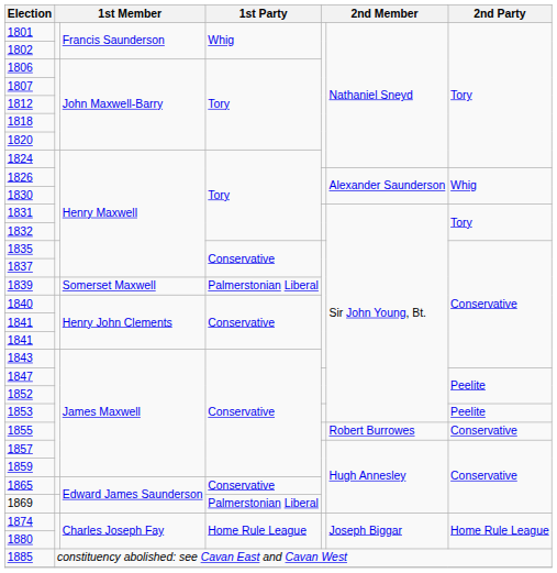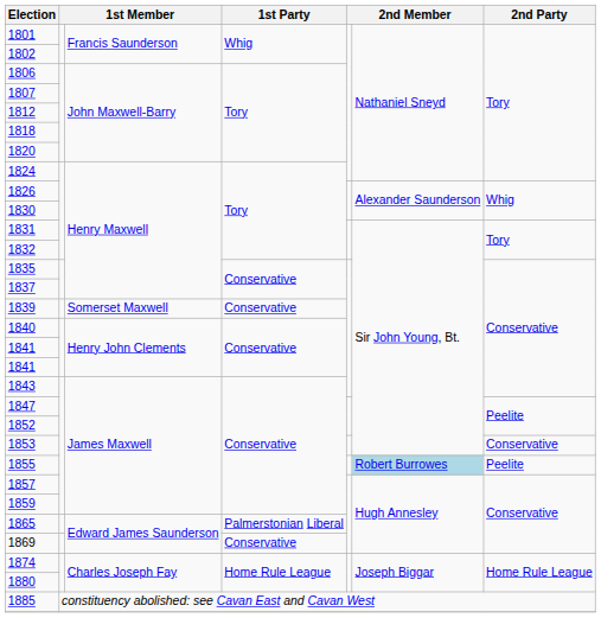 <table class="wikitable">
 <tr>
 <th>Election</th>
 <th colspan="2">1st Member</th>
 <th>1st Party</th>
 <th colspan="2">2nd Member</th>
 <th>2nd Party</th>
 </tr>
 <tr>
 <td><a href='#'>1801</a></td>
 <td rowspan="2" style="color:inherit;background-color: "></td>
 <td rowspan="2"><a href='#'>Francis Saunderson</a></td>
 <td rowspan="2"><a href='#'>Whig</a></td>
 <td rowspan="8" style="color:inherit;background-color: "></td>
 <td rowspan="8"><a href='#'>Nathaniel Sneyd</a></td>
 <td rowspan="8"><a href='#'>Tory</a></td>
 </tr>
 <tr>
 <td><a href='#'>1802</a></td>
 </tr>
 <tr>
 <td><a href='#'>1806</a></td>
 <td rowspan="5" style="color:inherit;background-color: "></td>
 <td rowspan="5"><a href='#'>John Maxwell-Barry</a></td>
 <td rowspan="5"><a href='#'>Tory</a></td>
 </tr>
 <tr>
 <td><a href='#'>1807</a></td>
 </tr>
 <tr>
 <td><a href='#'>1812</a></td>
 </tr>
 <tr>
 <td><a href='#'>1818</a></td>
 </tr>
 <tr>
 <td><a href='#'>1820</a></td>
 </tr>
 <tr>
 <td><a href='#'>1824</a></td>
 <td rowspan="5" style="color:inherit;background-color: "></td>
 <td rowspan="7"><a href='#'>Henry Maxwell</a></td>
 <td rowspan="5"><a href='#'>Tory</a></td>
 </tr>
 <tr>
 <td><a href='#'>1826</a></td>
 <td rowspan="2" style="color:inherit;background-color: "></td>
 <td rowspan="2"><a href='#'>Alexander Saunderson</a></td>
 <td rowspan="2"><a href='#'>Whig</a></td>
 </tr>
 <tr>
 <td><a href='#'>1830</a></td>
 </tr>
 <tr>
 <td><a href='#'>1831</a></td>
 <td rowspan="2" style="color:inherit;background-color: "></td>
 <td rowspan="12">Sir <a href='#'>John Young</a>, Bt.</td>
 <td rowspan="2"><a href='#'>Tory</a></td>
 </tr>
 <tr>
 <td><a href='#'>1832</a></td>
 </tr>
 <tr>
 <td><a href='#'>1835</a></td>
 <td rowspan="2" style="color:inherit;background-color: "></td>
 <td rowspan="2"><a href='#'>Conservative</a></td>
 <td rowspan="7" style="color:inherit;background-color: "></td>
 <td rowspan="7"><a href='#'>Conservative</a></td>
 </tr>
 <tr>
 <td><a href='#'>1837</a></td>
 </tr>
 <tr>
 <td><a href='#'>1839</a></td>
 <td style="color:inherit;background-color: "></td>
 <td><a href='#'>Somerset Maxwell</a></td>
-<td><a href='#'>Palmerstonian</a> <a href='#'>Liberal</a></td>
+<td><a href='#'>Conservative</a></td>
 </tr>
 <tr>
 <td><a href='#'>1840</a></td>
 <td rowspan="3" style="color:inherit;background-color: "></td>
 <td rowspan="3"><a href='#'>Henry John Clements</a></td>
 <td rowspan="3"><a href='#'>Conservative</a></td>
 </tr>
 <tr>
 <td><a href='#'>1841</a></td>
 </tr>
 <tr>
 <td><a href='#'>1841</a></td>
 </tr>
 <tr>
 <td><a href='#'>1843</a></td>
 <td rowspan="7" style="color:inherit;background-color: "></td>
 <td rowspan="7"><a href='#'>James Maxwell</a></td>
 <td rowspan="7"><a href='#'>Conservative</a></td>
 </tr>
 <tr>
 <td><a href='#'>1847</a></td>
 <td rowspan="2" style="color:inherit;background-color: "></td>
 <td rowspan="2"><a href='#'>Peelite</a></td>
 </tr>
 <tr>
 <td><a href='#'>1852</a></td>
 </tr>
 <tr>
 <td><a href='#'>1853</a></td>
 <td style="color:inherit;background-color: "></td>
-<td><a href='#'>Peelite</a></td>
+<td><a href='#'>Conservative</a></td>
 </tr>
 <tr>
 <td><a href='#'>1855</a></td>
 <td style="color:inherit;background-color: "></td>
-<td><a href='#'>Robert Burrowes</a></td>
-<td><a href='#'>Conservative</a></td>
+<td style="background: lightblue;"><a href='#'>Robert Burrowes</a></td>
+<td><a href='#'>Peelite</a></td>
 </tr>
 <tr>
 <td><a href='#'>1857</a></td>
 <td rowspan="4" style="color:inherit;background-color: "></td>
 <td rowspan="4"><a href='#'>Hugh Annesley</a></td>
 <td rowspan="4"><a href='#'>Conservative</a></td>
 </tr>
 <tr>
 <td><a href='#'>1859</a></td>
 </tr>
 <tr>
 <td><a href='#'>1865</a></td>
 <td style="color:inherit;background-color: "></td>
 <td rowspan="2"><a href='#'>Edward James Saunderson</a></td>
-<td><a href='#'>Conservative</a></td>
+<td><a href='#'>Palmerstonian</a> <a href='#'>Liberal</a></td>
 </tr>
 <tr>
 <td>1869</td>
 <td style="color:inherit;background-color: "></td>
-<td><a href='#'>Palmerstonian</a> <a href='#'>Liberal</a></td>
+<td><a href='#'>Conservative</a></td>
 </tr>
 <tr>
 <td><a href='#'>1874</a></td>
 <td rowspan="2" style="color:inherit;background-color: "></td>
 <td rowspan="2"><a href='#'>Charles Joseph Fay</a></td>
 <td rowspan="2"><a href='#'>Home Rule League</a></td>
 <td rowspan="2" style="color:inherit;background-color: "></td>
 <td rowspan="2"><a href='#'>Joseph Biggar</a></td>
 <td rowspan="2"><a href='#'>Home Rule League</a></td>
 </tr>
 <tr>
 <td><a href='#'>1880</a></td>
 </tr>
 <tr>
 <td><a href='#'>1885</a></td>
 <td colspan="8"><em>constituency abolished: see <a href='#'>Cavan East</a> and <a href='#'>Cavan West</a></em></td>
 </tr>
 <tr>
 </tr>
 </table>
